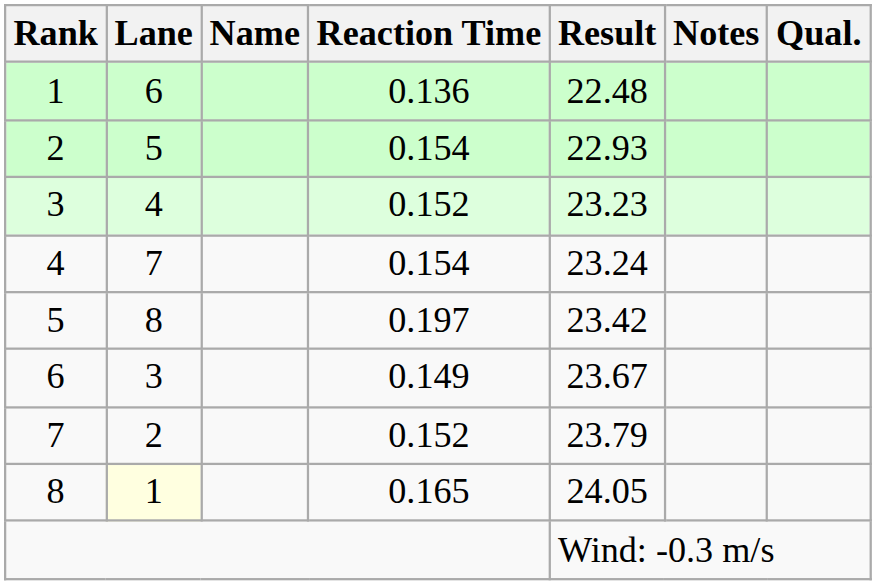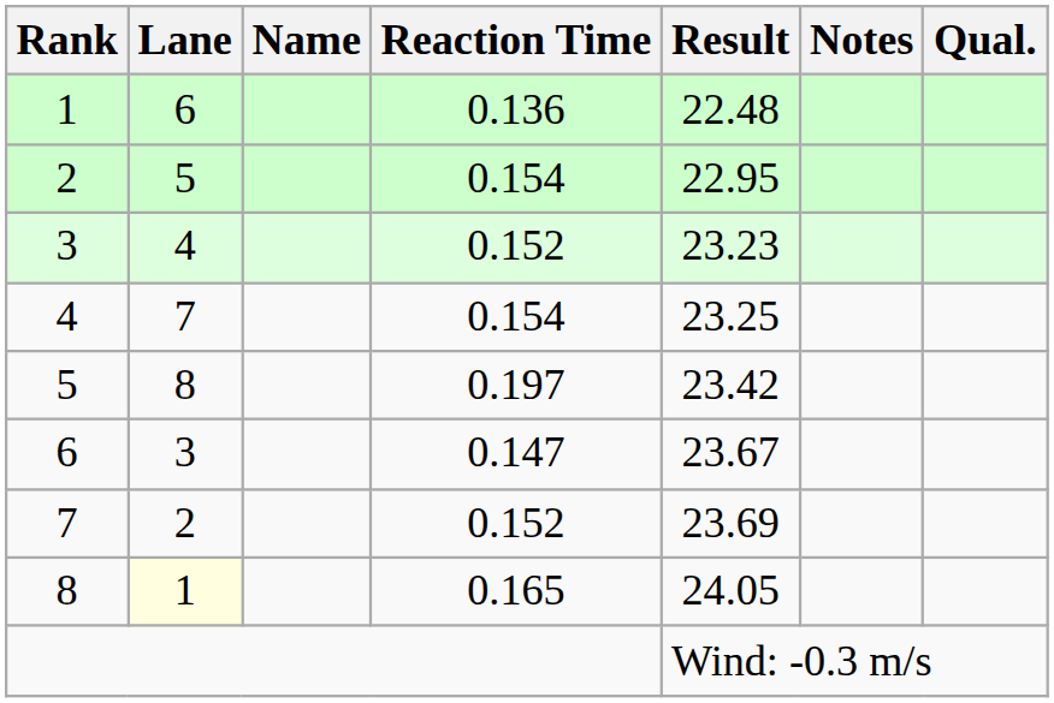 <table class="wikitable sortable" style="text-align:center">
 <tr>
 <th>Rank</th>
 <th>Lane</th>
 <th>Name</th>
 <th>Reaction Time</th>
 <th>Result</th>
 <th>Notes</th>
 <th>Qual.</th>
 </tr>
 <tr bgcolor=ccffcc>
 <td>1</td>
 <td>6</td>
 <td align="left"></td>
 <td>0.136</td>
 <td>22.48</td>
 <td></td>
 <td></td>
 </tr>
 <tr bgcolor=ccffcc>
 <td>2</td>
 <td>5</td>
 <td align="left"></td>
 <td>0.154</td>
-<td>22.93</td>
+<td>22.95</td>
 <td></td>
 <td></td>
 </tr>
 <tr bgcolor=ddffdd>
 <td>3</td>
 <td>4</td>
 <td align="left"></td>
 <td>0.152</td>
 <td>23.23</td>
 <td></td>
 <td></td>
 </tr>
 <tr>
 <td>4</td>
 <td>7</td>
 <td align="left"></td>
 <td>0.154</td>
-<td>23.24</td>
+<td>23.25</td>
 <td></td>
 <td></td>
 </tr>
 <tr>
 <td>5</td>
 <td>8</td>
 <td align="left"></td>
 <td>0.197</td>
 <td>23.42</td>
 <td></td>
 <td></td>
 </tr>
 <tr>
 <td>6</td>
 <td>3</td>
 <td align="left"></td>
-<td>0.149</td>
+<td>0.147</td>
 <td>23.67</td>
 <td></td>
 <td></td>
 </tr>
 <tr>
 <td>7</td>
 <td>2</td>
 <td align="left"></td>
 <td>0.152</td>
-<td>23.79</td>
+<td>23.69</td>
 <td></td>
 <td></td>
 </tr>
 <tr>
 <td>8</td>
 <td style="background: lightyellow;">1</td>
 <td align="left"></td>
 <td>0.165</td>
 <td>24.05</td>
 <td></td>
 <td></td>
 </tr>
 <tr class="sortbottom">
 <td colspan=4></td>
 <td colspan="3" style="text-align:left;">Wind: -0.3 m/s</td>
 </tr>
 </table>
